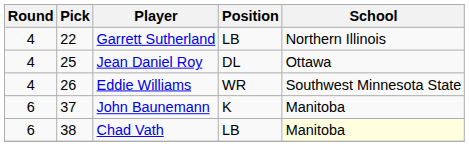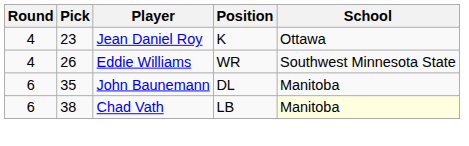 <table class="wikitable" style="font-size: 95%;">
 <tr>
 <th scope="col">Round</th>
 <th scope="col">Pick</th>
 <th scope="col">Player</th>
 <th scope="col">Position</th>
 <th scope="col">School</th>
 </tr>
 <tr>
 <td align=center>4</td>
-<td>22</td>
-<td><a href='#'>Garrett Sutherland</a></td>
-<td>LB</td>
-<td>Northern Illinois</td>
-</tr>
-<tr>
-<td align=center>4</td>
-<td>25</td>
+<td>23</td>
 <td><a href='#'>Jean Daniel Roy</a></td>
-<td>DL</td>
+<td>K</td>
 <td>Ottawa</td>
 </tr>
 <tr>
 <td align=center>4</td>
 <td>26</td>
 <td><a href='#'>Eddie Williams</a></td>
 <td>WR</td>
 <td>Southwest Minnesota State</td>
 </tr>
 <tr>
 <td align=center>6</td>
-<td>37</td>
+<td>35</td>
 <td><a href='#'>John Baunemann</a></td>
-<td>K</td>
+<td>DL</td>
 <td>Manitoba</td>
 </tr>
 <tr>
 <td align=center>6</td>
 <td>38</td>
 <td><a href='#'>Chad Vath</a></td>
 <td>LB</td>
 <td style="background: lightyellow;">Manitoba</td>
 </tr>
 <tr>
 </tr>
 </table>
